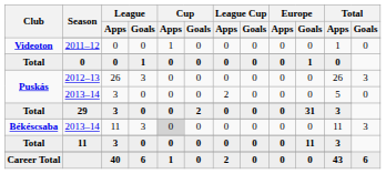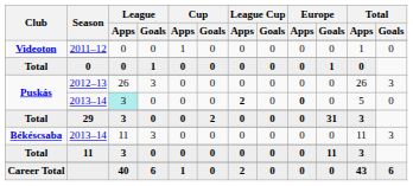 <table class="wikitable" style="font-size:90%; text-align: center;">
 <tr>
 <th rowspan="2">Club</th>
 <th rowspan="2">Season</th>
 <th colspan="2">League</th>
 <th colspan="2">Cup</th>
 <th colspan="2">League Cup</th>
 <th colspan="2">Europe</th>
 <th colspan="2">Total</th>
 </tr>
 <tr>
 <th>Apps</th>
 <th>Goals</th>
 <th>Apps</th>
 <th>Goals</th>
 <th>Apps</th>
 <th>Goals</th>
 <th>Apps</th>
 <th>Goals</th>
 <th>Apps</th>
 <th>Goals</th>
 </tr>
 <tr ||-||-||-|->
 <td rowspan="3" valign="center"><strong><a href='#'>Videoton</a></strong></td>
 </tr>
 <tr>
 <td><a href='#'>2011–12</a></td>
 <td>0</td>
 <td>0</td>
 <td>1</td>
 <td>0</td>
 <td>0</td>
 <td>0</td>
 <td>0</td>
 <td>0</td>
 <td>1</td>
 <td>0</td>
 </tr>
 <tr>
 </tr>
 <tr style="font-weight:bold; background-color:#eeeeee;">
 <td>Total</td>
 <td>0</td>
 <td>0</td>
 <td>1</td>
 <td>0</td>
 <td>0</td>
 <td>0</td>
 <td>0</td>
 <td>0</td>
 <td>1</td>
 <td>0</td>
 </tr>
 <tr>
 <td rowspan="4" valign="center"><strong><a href='#'>Puskás</a></strong></td>
 </tr>
 <tr>
 <td><a href='#'>2012–13</a></td>
 <td>26</td>
 <td>3</td>
 <td>0</td>
 <td>0</td>
 <td>0</td>
 <td>0</td>
 <td>0</td>
 <td>0</td>
 <td>26</td>
 <td>3</td>
 </tr>
 <tr>
 <td><a href='#'>2013–14</a></td>
-<td>3</td>
+<td style="background: paleturquoise;">3</td>
 <td>0</td>
 <td>0</td>
 <td>0</td>
-<td>2</td>
+<td><strong>2</strong></td>
 <td>0</td>
-<td>0</td>
+<td><strong>0</strong></td>
 <td>0</td>
 <td>5</td>
 <td>0</td>
 </tr>
 <tr>
 </tr>
 <tr style="font-weight:bold; background-color:#eeeeee;">
 <td>Total</td>
 <td>29</td>
 <td>3</td>
 <td>0</td>
 <td>0</td>
 <td>2</td>
 <td>0</td>
 <td>0</td>
 <td>0</td>
 <td>31</td>
 <td>3</td>
 </tr>
 <tr>
 <td rowspan="3" valign="center"><strong><a href='#'>Békéscsaba</a></strong></td>
 </tr>
 <tr>
 <td><a href='#'>2013–14</a></td>
 <td>11</td>
 <td>3</td>
-<td style="background: lightgrey;">0</td>
+<td>0</td>
 <td>0</td>
 <td>0</td>
 <td>0</td>
 <td>0</td>
 <td>0</td>
 <td>11</td>
 <td>3</td>
 </tr>
 <tr>
 </tr>
 <tr style="font-weight:bold; background-color:#eeeeee;">
 <td>Total</td>
 <td>11</td>
 <td>3</td>
 <td>0</td>
 <td>0</td>
 <td>0</td>
 <td>0</td>
 <td>0</td>
 <td>0</td>
 <td>11</td>
 <td>3</td>
 </tr>
 <tr>
 </tr>
 <tr style="font-weight:bold; background-color:#eeeeee;">
 <td rowspan="2" valign="top"><strong>Career Total</strong></td>
 <td></td>
 <td><strong>40</strong></td>
 <td><strong>6</strong></td>
 <td><strong>1</strong></td>
 <td><strong>0</strong></td>
 <td><strong>2</strong></td>
 <td><strong>0</strong></td>
 <td><strong>0</strong></td>
 <td><strong>0</strong></td>
 <td><strong>43</strong></td>
 <td><strong>6</strong></td>
 </tr>
 </table>
